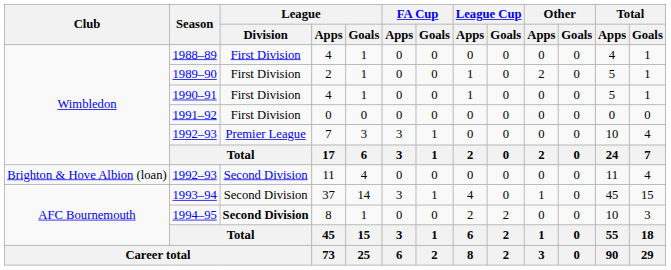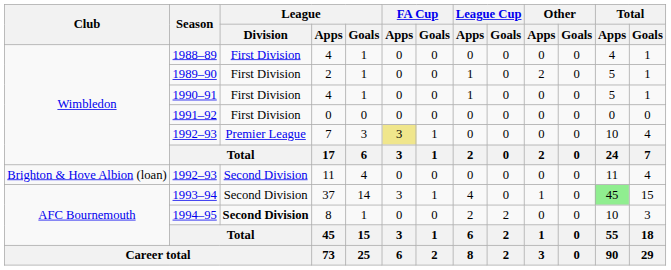 <table class="wikitable" style="text-align: center;">
 <tr>
 <th rowspan="2">Club</th>
 <th rowspan="2">Season</th>
 <th colspan="3">League</th>
 <th colspan="2"><a href='#'>FA Cup</a></th>
 <th colspan="2"><a href='#'>League Cup</a></th>
 <th colspan="2">Other</th>
 <th colspan="2">Total</th>
 </tr>
 <tr>
 <th>Division</th>
 <th>Apps</th>
 <th>Goals</th>
 <th>Apps</th>
 <th>Goals</th>
 <th>Apps</th>
 <th>Goals</th>
 <th>Apps</th>
 <th>Goals</th>
 <th>Apps</th>
 <th>Goals</th>
 </tr>
 <tr>
 <td rowspan="6"><a href='#'>Wimbledon</a></td>
 <td><a href='#'>1988–89</a></td>
 <td><a href='#'>First Division</a></td>
 <td>4</td>
 <td>1</td>
 <td>0</td>
 <td>0</td>
 <td>0</td>
 <td>0</td>
 <td>0</td>
 <td>0</td>
 <td>4</td>
 <td>1</td>
 </tr>
 <tr>
 <td><a href='#'>1989–90</a></td>
 <td>First Division</td>
 <td>2</td>
 <td>1</td>
 <td>0</td>
 <td>0</td>
 <td>1</td>
 <td>0</td>
 <td>2</td>
 <td>0</td>
 <td>5</td>
 <td>1</td>
 </tr>
 <tr>
 <td><a href='#'>1990–91</a></td>
 <td>First Division</td>
 <td>4</td>
 <td>1</td>
 <td>0</td>
 <td>0</td>
 <td>1</td>
 <td>0</td>
 <td>0</td>
 <td>0</td>
 <td>5</td>
 <td>1</td>
 </tr>
 <tr>
 <td><a href='#'>1991–92</a></td>
 <td>First Division</td>
 <td>0</td>
 <td>0</td>
 <td>0</td>
 <td>0</td>
 <td>0</td>
 <td>0</td>
 <td>0</td>
 <td>0</td>
 <td>0</td>
 <td>0</td>
 </tr>
 <tr>
 <td><a href='#'>1992–93</a></td>
 <td><a href='#'>Premier League</a></td>
 <td>7</td>
 <td>3</td>
-<td>3</td>
+<td style="background: khaki;">3</td>
 <td>1</td>
 <td>0</td>
 <td>0</td>
 <td>0</td>
 <td>0</td>
 <td>10</td>
 <td>4</td>
 </tr>
 <tr>
 <th colspan="2">Total</th>
 <th>17</th>
 <th>6</th>
 <th>3</th>
 <th>1</th>
 <th>2</th>
 <th>0</th>
 <th>2</th>
 <th>0</th>
 <th>24</th>
 <th>7</th>
 </tr>
 <tr>
 <td><a href='#'>Brighton & Hove Albion</a> (loan)</td>
 <td><a href='#'>1992–93</a></td>
 <td><a href='#'>Second Division</a></td>
 <td>11</td>
 <td>4</td>
 <td>0</td>
 <td>0</td>
 <td>0</td>
 <td>0</td>
 <td>0</td>
 <td>0</td>
 <td>11</td>
 <td>4</td>
 </tr>
 <tr>
 <td rowspan="3"><a href='#'>AFC Bournemouth</a></td>
 <td><a href='#'>1993–94</a></td>
 <td>Second Division</td>
 <td>37</td>
 <td>14</td>
 <td>3</td>
 <td>1</td>
 <td>4</td>
 <td>0</td>
 <td>1</td>
 <td>0</td>
-<td>45</td>
+<td style="background: lightgreen;">45</td>
 <td>15</td>
 </tr>
 <tr>
 <td><a href='#'>1994–95</a></td>
 <td><strong>Second Division</strong></td>
 <td>8</td>
 <td>1</td>
 <td>0</td>
 <td>0</td>
 <td>2</td>
 <td>2</td>
 <td>0</td>
 <td>0</td>
 <td>10</td>
 <td>3</td>
 </tr>
 <tr>
 <th colspan="2">Total</th>
 <th>45</th>
 <th>15</th>
 <th>3</th>
 <th>1</th>
 <th>6</th>
 <th>2</th>
 <th>1</th>
 <th>0</th>
 <th>55</th>
 <th>18</th>
 </tr>
 <tr>
 <th colspan="3">Career total</th>
 <th>73</th>
 <th>25</th>
 <th>6</th>
 <th>2</th>
 <th>8</th>
 <th>2</th>
 <th>3</th>
 <th>0</th>
 <th>90</th>
 <th>29</th>
 </tr>
 </table>
